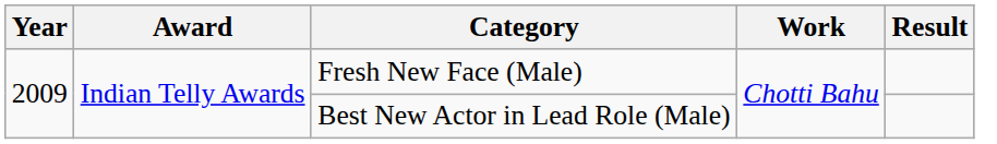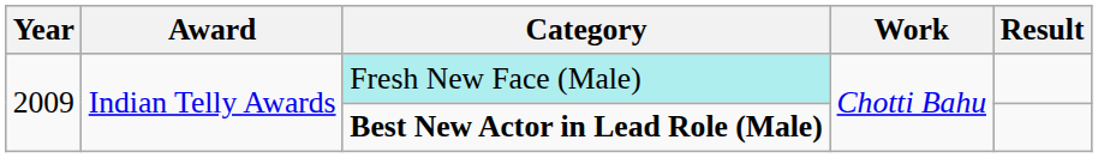 <table class="wikitable sortable">
 <tr>
 <th>Year</th>
 <th>Award</th>
 <th>Category</th>
 <th>Work</th>
 <th>Result</th>
 </tr>
 <tr>
 <td rowspan="2">2009</td>
 <td rowspan="2"><a href='#'>Indian Telly Awards</a></td>
-<td>Fresh New Face (Male)</td>
+<td style="background: paleturquoise;">Fresh New Face (Male)</td>
 <td rowspan="2"><em><a href='#'>Chotti Bahu</a></em></td>
 <td></td>
 </tr>
 <tr>
-<td>Best New Actor in Lead Role (Male)</td>
+<td><strong>Best New Actor in Lead Role (Male)</strong></td>
 <td></td>
 </tr>
 </table>
